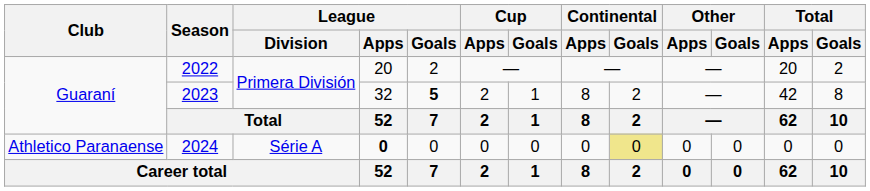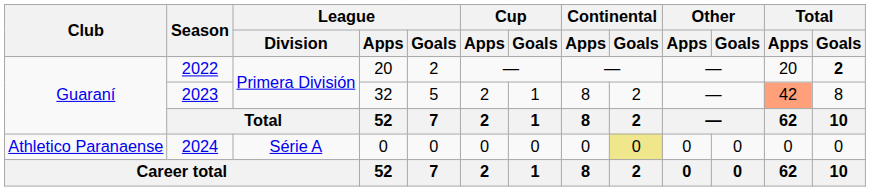 <table class="wikitable" style="text-align: center;">
 <tr>
 <th rowspan="2">Club</th>
 <th rowspan="2">Season</th>
 <th colspan="3">League</th>
 <th colspan="2">Cup</th>
 <th colspan="2">Continental</th>
 <th colspan="2">Other</th>
 <th colspan="2">Total</th>
 </tr>
 <tr>
 <th>Division</th>
 <th>Apps</th>
 <th>Goals</th>
 <th>Apps</th>
 <th>Goals</th>
 <th>Apps</th>
 <th>Goals</th>
 <th>Apps</th>
 <th>Goals</th>
 <th>Apps</th>
 <th>Goals</th>
 </tr>
 <tr>
 <td rowspan="3"><a href='#'>Guaraní</a></td>
 <td><a href='#'>2022</a></td>
 <td rowspan="2"><a href='#'>Primera División</a></td>
 <td>20</td>
 <td>2</td>
 <td colspan="2">—</td>
 <td colspan="2">—</td>
 <td colspan="2">—</td>
 <td>20</td>
-<td>2</td>
+<td><strong>2</strong></td>
 </tr>
 <tr>
 <td><a href='#'>2023</a></td>
 <td>32</td>
-<td><strong>5</strong></td>
+<td>5</td>
 <td>2</td>
 <td>1</td>
 <td>8</td>
 <td>2</td>
 <td colspan="2">—</td>
-<td>42</td>
+<td style="background: lightsalmon;">42</td>
 <td>8</td>
 </tr>
 <tr>
 <th colspan="2">Total</th>
 <th>52</th>
 <th>7</th>
 <th>2</th>
 <th>1</th>
 <th>8</th>
 <th>2</th>
 <th colspan="2">—</th>
 <th>62</th>
 <th>10</th>
 </tr>
 <tr>
 <td><a href='#'>Athletico Paranaense</a></td>
 <td><a href='#'>2024</a></td>
 <td><a href='#'>Série A</a></td>
-<td><strong>0</strong></td>
+<td>0</td>
 <td>0</td>
 <td>0</td>
 <td>0</td>
 <td>0</td>
 <td style="background: khaki;">0</td>
 <td>0</td>
 <td>0</td>
 <td>0</td>
 <td>0</td>
 </tr>
 <tr>
 <th colspan="3">Career total</th>
 <th>52</th>
 <th>7</th>
 <th>2</th>
 <th>1</th>
 <th>8</th>
 <th>2</th>
 <th>0</th>
 <th>0</th>
 <th>62</th>
 <th>10</th>
 </tr>
 </table>
